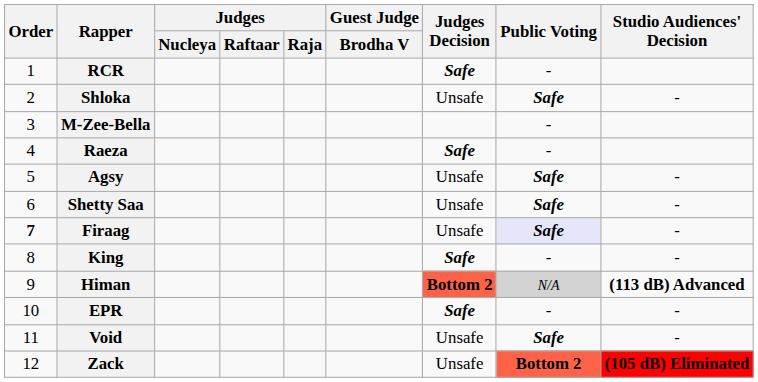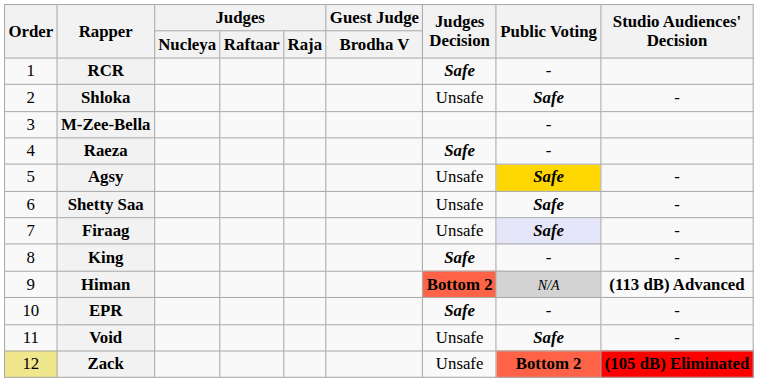 <table class="wikitable" style="text-align:center">
 <tr>
 <th rowspan="2">Order</th>
 <th rowspan="2">Rapper</th>
 <th colspan="3">Judges</th>
 <th>Guest Judge</th>
 <th rowspan="2">Judges<br>Decision</th>
 <th rowspan="2">Public Voting</th>
 <th rowspan="2">Studio Audiences'<br>Decision</th>
 </tr>
 <tr>
 <th>Nucleya</th>
 <th>Raftaar</th>
 <th>Raja</th>
 <th>Brodha V</th>
 </tr>
 <tr>
 <td>1</td>
 <th>RCR</th>
 <td></td>
 <td></td>
 <td></td>
 <td></td>
 <td><strong><em>Safe</em></strong></td>
 <td>-</td>
 <td></td>
 </tr>
 <tr>
 <td>2</td>
 <th>Shloka</th>
 <td></td>
 <td></td>
 <td></td>
 <td></td>
 <td>Unsafe</td>
 <td><strong><em>Safe</em></strong></td>
 <td>-</td>
 </tr>
 <tr>
 <td>3</td>
 <th>M-Zee-Bella</th>
 <td></td>
 <td></td>
 <td></td>
 <td></td>
 <td><strong></strong></td>
 <td>-</td>
 <td></td>
 </tr>
 <tr>
 <td>4</td>
 <th>Raeza</th>
 <td></td>
 <td></td>
 <td></td>
 <td></td>
 <td><strong><em>Safe</em></strong></td>
 <td>-</td>
 <td></td>
 </tr>
 <tr>
 <td>5</td>
 <th>Agsy</th>
 <td></td>
 <td></td>
 <td></td>
 <td></td>
 <td>Unsafe</td>
-<td><strong><em>Safe</em></strong></td>
+<td style="background: gold;"><strong><em>Safe</em></strong></td>
 <td>-</td>
 </tr>
 <tr>
 <td>6</td>
 <th>Shetty Saa</th>
 <td></td>
 <td></td>
 <td></td>
 <td></td>
 <td>Unsafe</td>
 <td><strong><em>Safe</em></strong></td>
 <td>-</td>
 </tr>
 <tr>
-<td><strong>7</strong></td>
+<td>7</td>
 <th>Firaag</th>
 <td></td>
 <td></td>
 <td></td>
 <td></td>
 <td>Unsafe</td>
 <td style="background: lavender;"><strong><em>Safe</em></strong></td>
 <td>-</td>
 </tr>
 <tr>
 <td>8</td>
 <th>King</th>
 <td></td>
 <td></td>
 <td></td>
 <td></td>
 <td><strong><em>Safe</em></strong></td>
 <td>-</td>
 <td>-</td>
 </tr>
 <tr>
 <td>9</td>
 <th>Himan</th>
 <td></td>
 <td></td>
 <td></td>
 <td></td>
 <td bgcolor="tomato"><strong>Bottom 2</strong> </td>
 <td bgcolor="lightgray"><small><em>N/A</em></small></td>
 <td><strong>(113 dB) Advanced</strong></td>
 </tr>
 <tr>
 <td>10</td>
 <th>EPR</th>
 <td></td>
 <td></td>
 <td></td>
 <td></td>
 <td><strong><em>Safe</em></strong></td>
 <td>-</td>
 <td>-</td>
 </tr>
 <tr>
 <td>11</td>
 <th>Void</th>
 <td></td>
 <td></td>
 <td></td>
 <td></td>
 <td>Unsafe</td>
 <td><strong><em>Safe</em></strong></td>
 <td>-</td>
 </tr>
 <tr>
-<td>12</td>
+<td style="background: khaki;">12</td>
 <th>Zack</th>
 <td></td>
 <td></td>
 <td></td>
 <td></td>
 <td>Unsafe</td>
 <td bgcolor="tomato"><strong>Bottom 2</strong></td>
 <td bgcolor="red"><strong>(105 dB) Eliminated</strong></td>
 </tr>
 </table>
